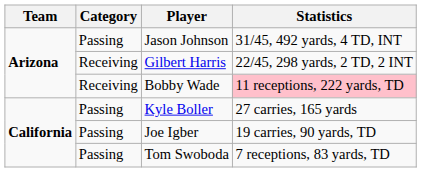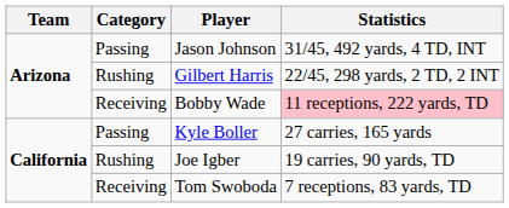 <table class="wikitable" style="float: right;">
 <tr>
 <th>Team</th>
 <th>Category</th>
 <th>Player</th>
 <th>Statistics</th>
 </tr>
 <tr>
 <td rowspan=3><strong>Arizona</strong></td>
 <td>Passing</td>
 <td>Jason Johnson</td>
 <td>31/45, 492 yards, 4 TD, INT</td>
 </tr>
 <tr>
-<td>Receiving</td>
+<td>Rushing</td>
 <td><a href='#'>Gilbert Harris</a></td>
 <td>22/45, 298 yards, 2 TD, 2 INT</td>
 </tr>
 <tr>
 <td>Receiving</td>
 <td>Bobby Wade</td>
 <td style="background: pink;">11 receptions, 222 yards, TD</td>
 </tr>
 <tr>
 <td rowspan=3><strong>California</strong></td>
 <td>Passing</td>
 <td><a href='#'>Kyle Boller</a></td>
 <td>27 carries, 165 yards</td>
 </tr>
 <tr>
-<td>Passing</td>
+<td>Rushing</td>
 <td>Joe Igber</td>
 <td>19 carries, 90 yards, TD</td>
 </tr>
 <tr>
-<td>Passing</td>
+<td>Receiving</td>
 <td>Tom Swoboda</td>
 <td>7 receptions, 83 yards, TD</td>
 </tr>
 </table>
